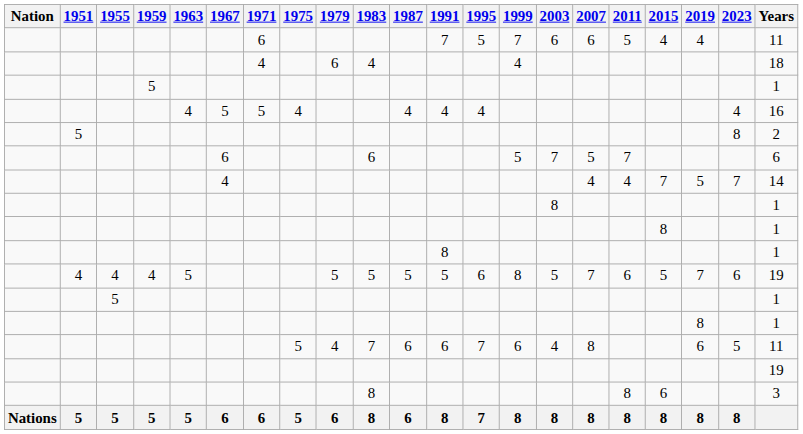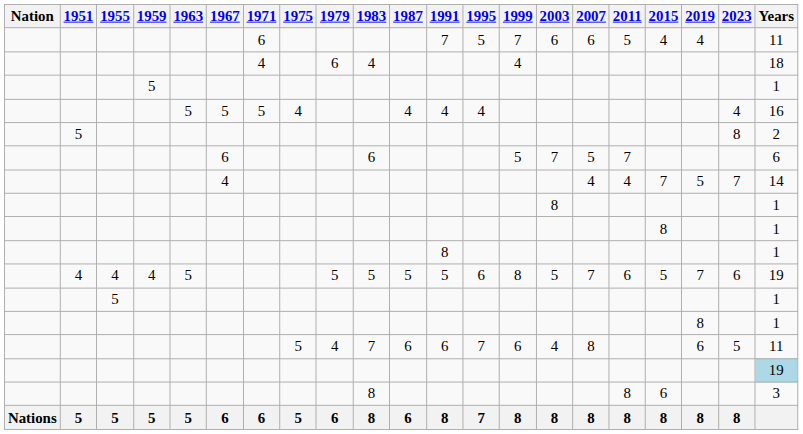 <table class="wikitable" style="text-align:center">
 <tr>
 <th>Nation</th>
 <th><a href='#'>1951</a></th>
 <th><a href='#'>1955</a></th>
 <th><a href='#'>1959</a></th>
 <th><a href='#'>1963</a></th>
 <th><a href='#'>1967</a></th>
 <th><a href='#'>1971</a></th>
 <th><a href='#'>1975</a></th>
 <th><a href='#'>1979</a></th>
 <th><a href='#'>1983</a></th>
 <th><a href='#'>1987</a></th>
 <th><a href='#'>1991</a></th>
 <th><a href='#'>1995</a></th>
 <th><a href='#'>1999</a></th>
 <th><a href='#'>2003</a></th>
 <th><a href='#'>2007</a></th>
 <th><a href='#'>2011</a></th>
 <th><a href='#'>2015</a></th>
 <th><a href='#'>2019</a></th>
 <th><a href='#'>2023</a></th>
 <th>Years</th>
 </tr>
 <tr>
 <td align=left></td>
 <td></td>
 <td></td>
 <td></td>
 <td></td>
 <td></td>
 <td>6</td>
 <td></td>
 <td></td>
 <td></td>
 <td></td>
 <td>7</td>
 <td>5</td>
 <td>7</td>
 <td>6</td>
 <td>6</td>
 <td>5</td>
 <td>4</td>
 <td>4</td>
 <td></td>
 <td>11</td>
 </tr>
 <tr>
 <td align=left></td>
 <td></td>
 <td></td>
 <td></td>
 <td></td>
 <td></td>
 <td>4</td>
 <td></td>
 <td>6</td>
 <td>4</td>
 <td></td>
 <td></td>
 <td></td>
 <td>4</td>
 <td></td>
 <td></td>
 <td></td>
 <td></td>
 <td></td>
 <td></td>
 <td>18</td>
 </tr>
 <tr>
 <td align=left></td>
 <td></td>
 <td></td>
 <td>5</td>
 <td></td>
 <td></td>
 <td></td>
 <td></td>
 <td></td>
 <td></td>
 <td></td>
 <td></td>
 <td></td>
 <td></td>
 <td></td>
 <td></td>
 <td></td>
 <td></td>
 <td></td>
 <td></td>
 <td>1</td>
 </tr>
 <tr>
 <td align=left></td>
 <td></td>
 <td></td>
 <td></td>
-<td>4</td>
+<td>5</td>
 <td>5</td>
 <td>5</td>
 <td>4</td>
 <td></td>
 <td></td>
 <td>4</td>
 <td>4</td>
 <td>4</td>
 <td></td>
 <td></td>
 <td></td>
 <td></td>
 <td></td>
 <td></td>
 <td>4</td>
 <td>16</td>
 </tr>
 <tr>
 <td align=left></td>
 <td>5</td>
 <td></td>
 <td></td>
 <td></td>
 <td></td>
 <td></td>
 <td></td>
 <td></td>
 <td></td>
 <td></td>
 <td></td>
 <td></td>
 <td></td>
 <td></td>
 <td></td>
 <td></td>
 <td></td>
 <td></td>
 <td>8</td>
 <td>2</td>
 </tr>
 <tr>
 <td align=left></td>
 <td></td>
 <td></td>
 <td></td>
 <td></td>
 <td>6</td>
 <td></td>
 <td></td>
 <td></td>
 <td>6</td>
 <td></td>
 <td></td>
 <td></td>
 <td>5</td>
 <td>7</td>
 <td>5</td>
 <td>7</td>
 <td></td>
 <td></td>
 <td></td>
 <td>6</td>
 </tr>
 <tr>
 <td align=left></td>
 <td></td>
 <td></td>
 <td></td>
 <td></td>
 <td>4</td>
 <td></td>
 <td></td>
 <td></td>
 <td></td>
 <td></td>
 <td></td>
 <td></td>
 <td></td>
 <td></td>
 <td>4</td>
 <td>4</td>
 <td>7</td>
 <td>5</td>
 <td>7</td>
 <td>14</td>
 </tr>
 <tr>
 <td align=left></td>
 <td></td>
 <td></td>
 <td></td>
 <td></td>
 <td></td>
 <td></td>
 <td></td>
 <td></td>
 <td></td>
 <td></td>
 <td></td>
 <td></td>
 <td></td>
 <td>8</td>
 <td></td>
 <td></td>
 <td></td>
 <td></td>
 <td></td>
 <td>1</td>
 </tr>
 <tr>
 <td align=left></td>
 <td></td>
 <td></td>
 <td></td>
 <td></td>
 <td></td>
 <td></td>
 <td></td>
 <td></td>
 <td></td>
 <td></td>
 <td></td>
 <td></td>
 <td></td>
 <td></td>
 <td></td>
 <td></td>
 <td>8</td>
 <td></td>
 <td></td>
 <td>1</td>
 </tr>
 <tr>
 <td align=left></td>
 <td></td>
 <td></td>
 <td></td>
 <td></td>
 <td></td>
 <td></td>
 <td></td>
 <td></td>
 <td></td>
 <td></td>
 <td>8</td>
 <td></td>
 <td></td>
 <td></td>
 <td></td>
 <td></td>
 <td></td>
 <td></td>
 <td></td>
 <td>1</td>
 </tr>
 <tr>
 <td align=left></td>
 <td>4</td>
 <td>4</td>
 <td>4</td>
 <td>5</td>
 <td></td>
 <td></td>
 <td></td>
 <td>5</td>
 <td>5</td>
 <td>5</td>
 <td>5</td>
 <td>6</td>
 <td>8</td>
 <td>5</td>
 <td>7</td>
 <td>6</td>
 <td>5</td>
 <td>7</td>
 <td>6</td>
 <td>19</td>
 </tr>
 <tr>
 <td align=left></td>
 <td></td>
 <td>5</td>
 <td></td>
 <td></td>
 <td></td>
 <td></td>
 <td></td>
 <td></td>
 <td></td>
 <td></td>
 <td></td>
 <td></td>
 <td></td>
 <td></td>
 <td></td>
 <td></td>
 <td></td>
 <td></td>
 <td></td>
 <td>1</td>
 </tr>
 <tr>
 <td align=left></td>
 <td></td>
 <td></td>
 <td></td>
 <td></td>
 <td></td>
 <td></td>
 <td></td>
 <td></td>
 <td></td>
 <td></td>
 <td></td>
 <td></td>
 <td></td>
 <td></td>
 <td></td>
 <td></td>
 <td></td>
 <td>8</td>
 <td></td>
 <td>1</td>
 </tr>
 <tr>
 <td align=left></td>
 <td></td>
 <td></td>
 <td></td>
 <td></td>
 <td></td>
 <td></td>
 <td>5</td>
 <td>4</td>
 <td>7</td>
 <td>6</td>
 <td>6</td>
 <td>7</td>
 <td>6</td>
 <td>4</td>
 <td>8</td>
 <td></td>
 <td></td>
 <td>6</td>
 <td>5</td>
 <td>11</td>
 </tr>
 <tr>
 <td align=left></td>
 <td></td>
 <td></td>
 <td></td>
 <td></td>
 <td></td>
 <td></td>
 <td></td>
 <td></td>
 <td></td>
 <td></td>
 <td></td>
 <td></td>
 <td></td>
 <td></td>
 <td></td>
 <td></td>
 <td></td>
 <td></td>
 <td></td>
-<td>19</td>
+<td style="background: lightblue;">19</td>
 </tr>
 <tr>
 <td align=left></td>
 <td></td>
 <td></td>
 <td></td>
 <td></td>
 <td></td>
 <td></td>
 <td></td>
 <td></td>
 <td>8</td>
 <td></td>
 <td></td>
 <td></td>
 <td></td>
 <td></td>
 <td></td>
 <td>8</td>
 <td>6</td>
 <td></td>
 <td></td>
 <td>3</td>
 </tr>
 <tr>
 <th><strong>Nations</strong></th>
 <th>5</th>
 <th>5</th>
 <th>5</th>
 <th>5</th>
 <th>6</th>
 <th>6</th>
 <th>5</th>
 <th>6</th>
 <th>8</th>
 <th>6</th>
 <th>8</th>
 <th>7</th>
 <th>8</th>
 <th>8</th>
 <th>8</th>
 <th>8</th>
 <th>8</th>
 <th>8</th>
 <th>8</th>
 <th></th>
 </tr>
 </table>
